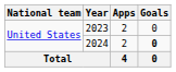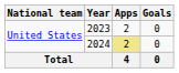 <table class="wikitable" style="text-align:center">
 <tr>
 <th>National team</th>
 <th>Year</th>
 <th>Apps</th>
 <th>Goals</th>
 </tr>
 <tr>
 <td rowspan="2"><a href='#'>United States</a></td>
 <td>2023</td>
 <td>2</td>
 <td>0</td>
 </tr>
 <tr>
 <td>2024</td>
-<td>2</td>
-<td><strong>0</strong></td>
+<td style="background: khaki;">2</td>
+<td>0</td>
 </tr>
 <tr>
 <th colspan="2">Total</th>
 <th>4</th>
 <th>0</th>
 </tr>
 </table>
